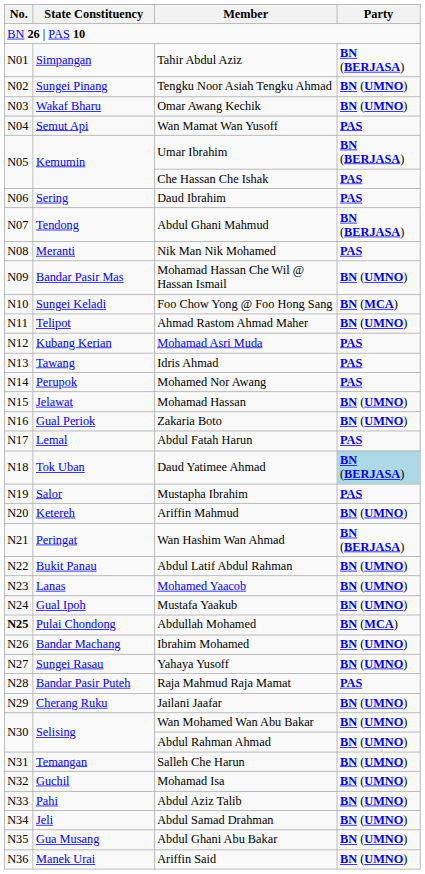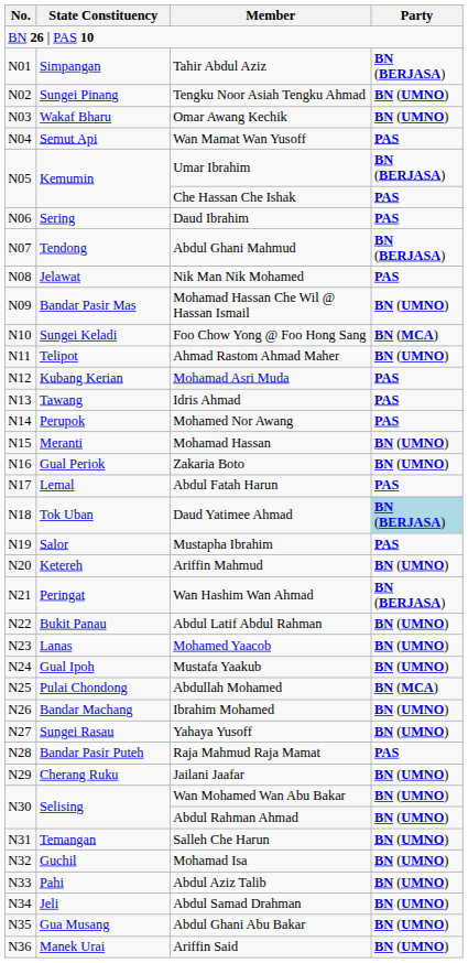 <table class="wikitable sortable">
 <tr>
 <th style="width:30px;">No.</th>
 <th style="width:150px;">State Constituency</th>
 <th style="width:230px;">Member</th>
 <th style="width:100px;">Party</th>
 </tr>
 <tr>
 <td colspan="4"><a href='#'>BN</a> <strong>26</strong> | <a href='#'>PAS</a> <strong>10</strong></td>
 </tr>
 <tr>
 <td>N01</td>
 <td><a href='#'>Simpangan</a></td>
 <td>Tahir Abdul Aziz</td>
 <td><strong><a href='#'>BN</a></strong> (<strong><a href='#'>BERJASA</a></strong>)</td>
 </tr>
 <tr>
 <td>N02</td>
 <td><a href='#'>Sungei Pinang</a></td>
 <td>Tengku Noor Asiah Tengku Ahmad</td>
 <td><strong><a href='#'>BN</a></strong> (<strong><a href='#'>UMNO</a></strong>)</td>
 </tr>
 <tr>
 <td>N03</td>
 <td><a href='#'>Wakaf Bharu</a></td>
 <td>Omar Awang Kechik</td>
 <td><strong><a href='#'>BN</a></strong> (<strong><a href='#'>UMNO</a></strong>)</td>
 </tr>
 <tr>
 <td>N04</td>
 <td><a href='#'>Semut Api</a></td>
 <td>Wan Mamat Wan Yusoff</td>
 <td><strong><a href='#'>PAS</a></strong></td>
 </tr>
 <tr>
 <td rowspan=2>N05</td>
 <td rowspan=2><a href='#'>Kemumin</a></td>
 <td>Umar Ibrahim </td>
 <td><strong><a href='#'>BN</a></strong> (<strong><a href='#'>BERJASA</a></strong>)</td>
 </tr>
 <tr>
 <td>Che Hassan Che Ishak </td>
 <td><strong><a href='#'>PAS</a></strong></td>
 </tr>
 <tr>
 <td>N06</td>
 <td><a href='#'>Sering</a></td>
 <td>Daud Ibrahim</td>
 <td><strong><a href='#'>PAS</a></strong></td>
 </tr>
 <tr>
 <td>N07</td>
 <td><a href='#'>Tendong</a></td>
 <td>Abdul Ghani Mahmud</td>
 <td><strong><a href='#'>BN</a></strong> (<strong><a href='#'>BERJASA</a></strong>)</td>
 </tr>
 <tr>
 <td>N08</td>
-<td><a href='#'>Meranti</a></td>
+<td><a href='#'>Jelawat</a></td>
 <td>Nik Man Nik Mohamed</td>
 <td><strong><a href='#'>PAS</a></strong></td>
 </tr>
 <tr>
 <td>N09</td>
 <td><a href='#'>Bandar Pasir Mas</a></td>
 <td>Mohamad Hassan Che Wil @ Hassan Ismail</td>
 <td><strong><a href='#'>BN</a></strong> (<strong><a href='#'>UMNO</a></strong>)</td>
 </tr>
 <tr>
 <td>N10</td>
 <td><a href='#'>Sungei Keladi</a></td>
 <td>Foo Chow Yong @ Foo Hong Sang</td>
 <td><strong><a href='#'>BN</a></strong> (<strong><a href='#'>MCA</a></strong>)</td>
 </tr>
 <tr>
 <td>N11</td>
 <td><a href='#'>Telipot</a></td>
 <td>Ahmad Rastom Ahmad Maher</td>
 <td><strong><a href='#'>BN</a></strong> (<strong><a href='#'>UMNO</a></strong>)</td>
 </tr>
 <tr>
 <td>N12</td>
 <td><a href='#'>Kubang Kerian</a></td>
 <td><a href='#'>Mohamad Asri Muda</a></td>
 <td><strong><a href='#'>PAS</a></strong></td>
 </tr>
 <tr>
 <td>N13</td>
 <td><a href='#'>Tawang</a></td>
 <td>Idris Ahmad</td>
 <td><strong><a href='#'>PAS</a></strong></td>
 </tr>
 <tr>
 <td>N14</td>
 <td><a href='#'>Perupok</a></td>
 <td>Mohamed Nor Awang</td>
 <td><strong><a href='#'>PAS</a></strong></td>
 </tr>
 <tr>
 <td>N15</td>
-<td><a href='#'>Jelawat</a></td>
+<td><a href='#'>Meranti</a></td>
 <td>Mohamad Hassan</td>
 <td><strong><a href='#'>BN</a></strong> (<strong><a href='#'>UMNO</a></strong>)</td>
 </tr>
 <tr>
 <td>N16</td>
 <td><a href='#'>Gual Periok</a></td>
 <td>Zakaria Boto</td>
 <td><strong><a href='#'>BN</a></strong> (<strong><a href='#'>UMNO</a></strong>)</td>
 </tr>
 <tr>
 <td>N17</td>
 <td><a href='#'>Lemal</a></td>
 <td>Abdul Fatah Harun</td>
 <td><strong><a href='#'>PAS</a></strong></td>
 </tr>
 <tr>
 <td>N18</td>
 <td><a href='#'>Tok Uban</a></td>
 <td>Daud Yatimee Ahmad</td>
 <td style="background: lightblue;"><strong><a href='#'>BN</a></strong> (<strong><a href='#'>BERJASA</a></strong>)</td>
 </tr>
 <tr>
 <td>N19</td>
 <td><a href='#'>Salor</a></td>
 <td>Mustapha Ibrahim</td>
 <td><strong><a href='#'>PAS</a></strong></td>
 </tr>
 <tr>
 <td>N20</td>
 <td><a href='#'>Ketereh</a></td>
 <td>Ariffin Mahmud</td>
 <td><strong><a href='#'>BN</a></strong> (<strong><a href='#'>UMNO</a></strong>)</td>
 </tr>
 <tr>
 <td>N21</td>
 <td><a href='#'>Peringat</a></td>
 <td>Wan Hashim Wan Ahmad</td>
 <td><strong><a href='#'>BN</a></strong> (<strong><a href='#'>BERJASA</a></strong>)</td>
 </tr>
 <tr>
 <td>N22</td>
 <td><a href='#'>Bukit Panau</a></td>
 <td>Abdul Latif Abdul Rahman</td>
 <td><strong><a href='#'>BN</a></strong> (<strong><a href='#'>UMNO</a></strong>)</td>
 </tr>
 <tr>
 <td>N23</td>
 <td><a href='#'>Lanas</a></td>
 <td><a href='#'>Mohamed Yaacob</a></td>
 <td><strong><a href='#'>BN</a></strong> (<strong><a href='#'>UMNO</a></strong>)</td>
 </tr>
 <tr>
 <td>N24</td>
 <td><a href='#'>Gual Ipoh</a></td>
 <td>Mustafa Yaakub</td>
 <td><strong><a href='#'>BN</a></strong> (<strong><a href='#'>UMNO</a></strong>)</td>
 </tr>
 <tr>
-<td><strong>N25</strong></td>
+<td>N25</td>
 <td><a href='#'>Pulai Chondong</a></td>
 <td>Abdullah Mohamed</td>
 <td><strong><a href='#'>BN</a></strong> (<strong><a href='#'>MCA</a></strong>)</td>
 </tr>
 <tr>
 <td>N26</td>
 <td><a href='#'>Bandar Machang</a></td>
 <td>Ibrahim Mohamed</td>
 <td><strong><a href='#'>BN</a></strong> (<strong><a href='#'>UMNO</a></strong>)</td>
 </tr>
 <tr>
 <td>N27</td>
 <td><a href='#'>Sungei Rasau</a></td>
 <td>Yahaya Yusoff</td>
 <td><strong><a href='#'>BN</a></strong> (<strong><a href='#'>UMNO</a></strong>)</td>
 </tr>
 <tr>
 <td>N28</td>
 <td><a href='#'>Bandar Pasir Puteh</a></td>
 <td>Raja Mahmud Raja Mamat</td>
 <td><strong><a href='#'>PAS</a></strong></td>
 </tr>
 <tr>
 <td>N29</td>
 <td><a href='#'>Cherang Ruku</a></td>
 <td>Jailani Jaafar</td>
 <td><strong><a href='#'>BN</a></strong> (<strong><a href='#'>UMNO</a></strong>)</td>
 </tr>
 <tr>
 <td rowspan=2>N30</td>
 <td rowspan=2><a href='#'>Selising</a></td>
 <td>Wan Mohamed Wan Abu Bakar </td>
 <td><strong><a href='#'>BN</a></strong> (<strong><a href='#'>UMNO</a></strong>)</td>
 </tr>
 <tr>
 <td>Abdul Rahman Ahmad </td>
 <td><strong><a href='#'>BN</a></strong> (<strong><a href='#'>UMNO</a></strong>)</td>
 </tr>
 <tr>
 <td>N31</td>
 <td><a href='#'>Temangan</a></td>
 <td>Salleh Che Harun</td>
 <td><strong><a href='#'>BN</a></strong> (<strong><a href='#'>UMNO</a></strong>)</td>
 </tr>
 <tr>
 <td>N32</td>
 <td><a href='#'>Guchil</a></td>
 <td>Mohamad Isa</td>
 <td><strong><a href='#'>BN</a></strong> (<strong><a href='#'>UMNO</a></strong>)</td>
 </tr>
 <tr>
 <td>N33</td>
 <td><a href='#'>Pahi</a></td>
 <td>Abdul Aziz Talib</td>
 <td><strong><a href='#'>BN</a></strong> (<strong><a href='#'>UMNO</a></strong>)</td>
 </tr>
 <tr>
 <td>N34</td>
 <td><a href='#'>Jeli</a></td>
 <td>Abdul Samad Drahman</td>
 <td><strong><a href='#'>BN</a></strong> (<strong><a href='#'>UMNO</a></strong>)</td>
 </tr>
 <tr>
 <td>N35</td>
 <td><a href='#'>Gua Musang</a></td>
 <td>Abdul Ghani Abu Bakar</td>
 <td><strong><a href='#'>BN</a></strong> (<strong><a href='#'>UMNO</a></strong>)</td>
 </tr>
 <tr>
 <td>N36</td>
 <td><a href='#'>Manek Urai</a></td>
 <td>Ariffin Said</td>
 <td><strong><a href='#'>BN</a></strong> (<strong><a href='#'>UMNO</a></strong>)</td>
 </tr>
 </table>
